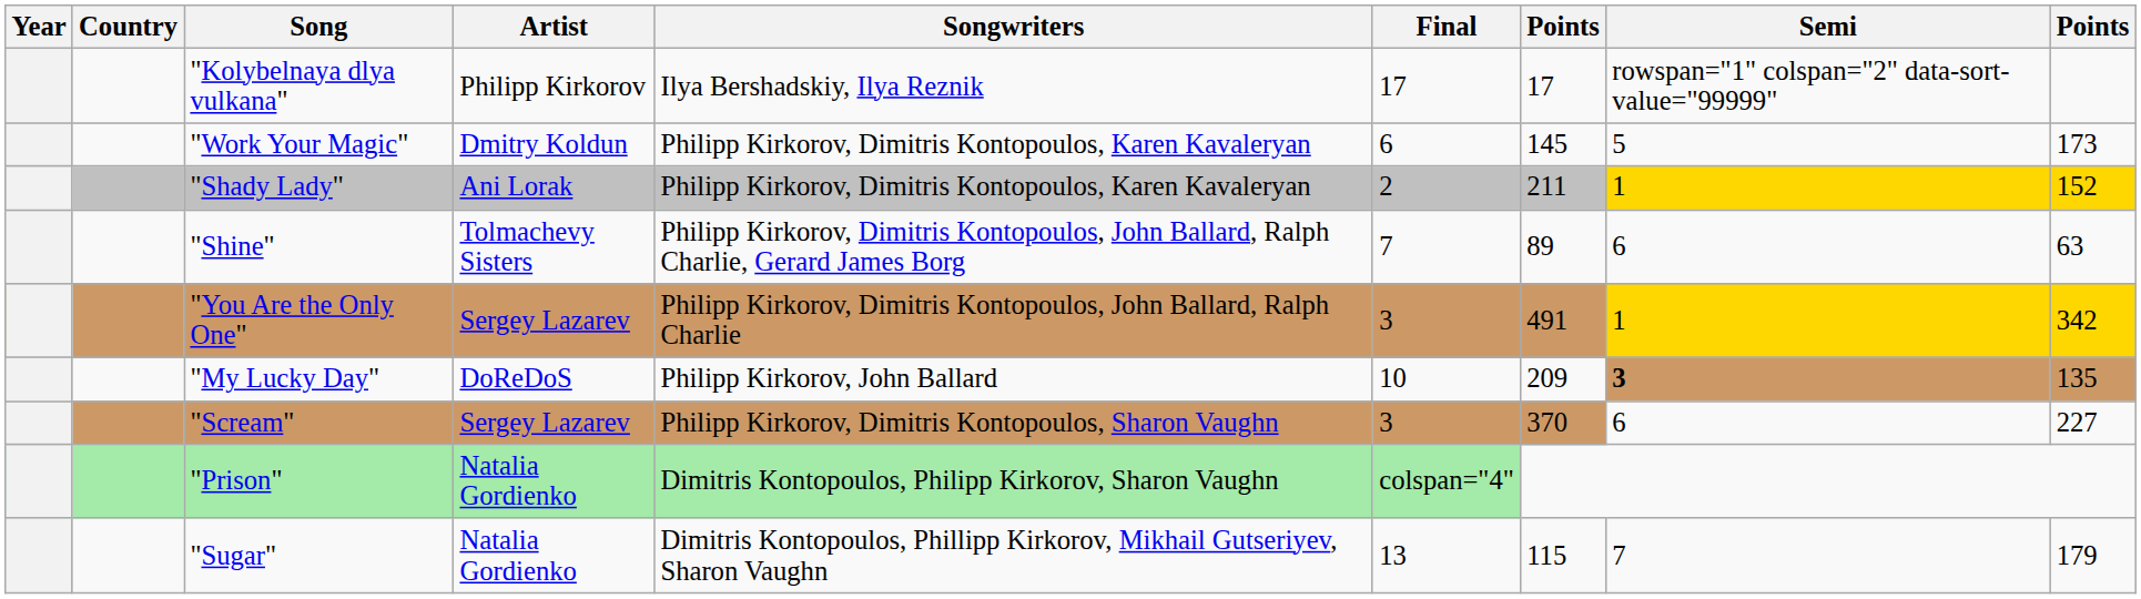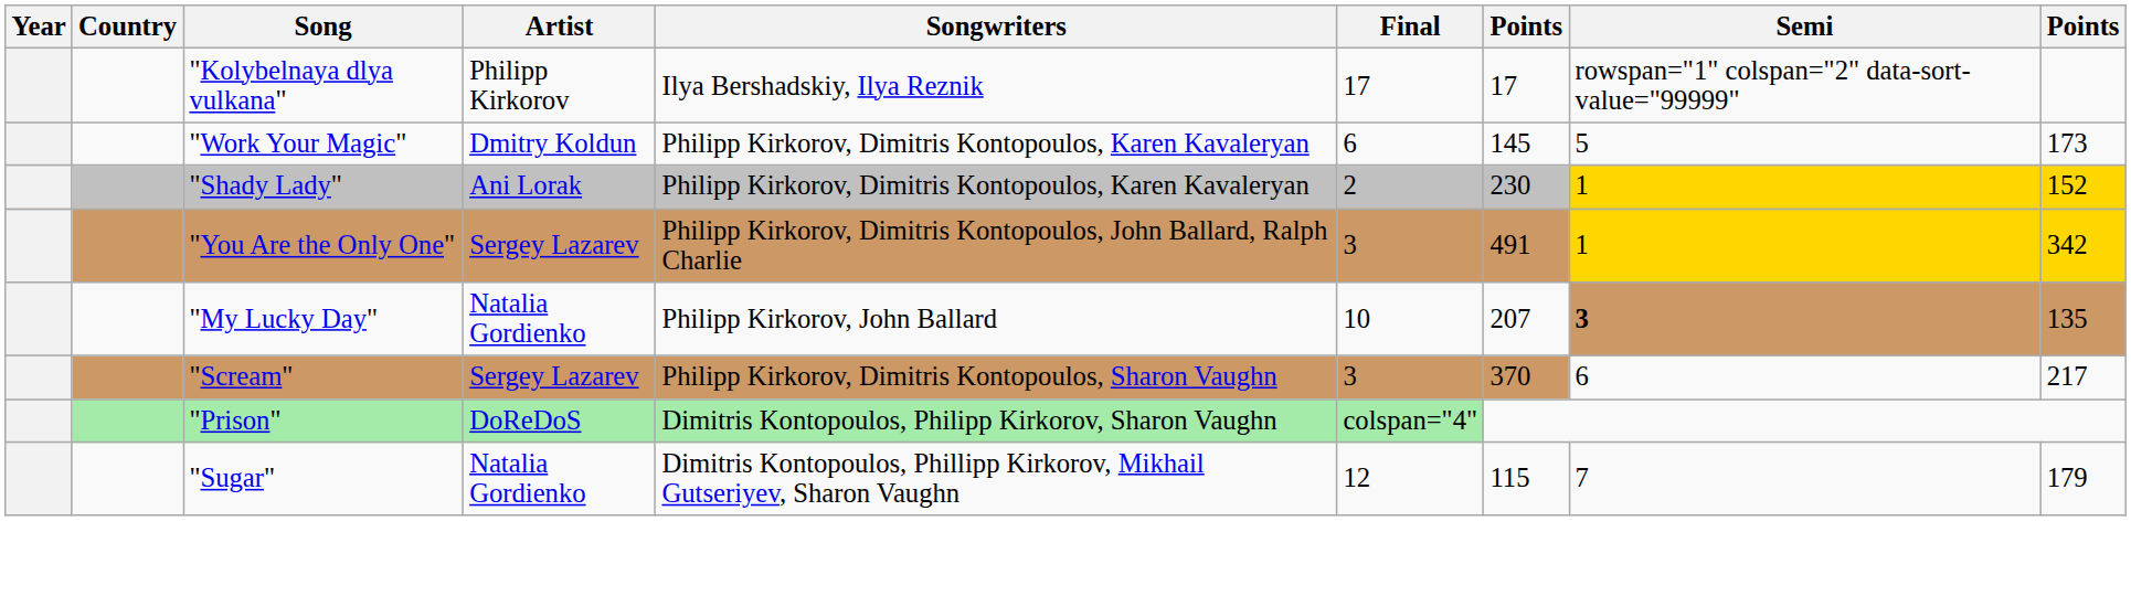 <table class="sortable wikitable">
 <tr>
 <th scope="col">Year</th>
 <th scope="col">Country</th>
 <th scope="col">Song</th>
 <th scope="col">Artist</th>
 <th scope="col">Songwriters</th>
 <th scope="col">Final</th>
 <th scope="col">Points</th>
 <th scope="col">Semi</th>
 <th scope="col">Points</th>
 </tr>
 <tr>
 <th scope="row"></th>
 <td></td>
 <td>"<a href='#'>Kolybelnaya dlya vulkana</a>"</td>
 <td>Philipp Kirkorov</td>
 <td>Ilya Bershadskiy, <a href='#'>Ilya Reznik</a></td>
 <td>17</td>
 <td>17</td>
 <td>rowspan="1" colspan="2" data-sort-value="99999" </td>
 </tr>
 <tr>
 <th scope="row"></th>
 <td></td>
 <td>"<a href='#'>Work Your Magic</a>"</td>
 <td><a href='#'>Dmitry Koldun</a></td>
 <td>Philipp Kirkorov, Dimitris Kontopoulos, <a href='#'>Karen Kavaleryan</a></td>
 <td>6</td>
 <td>145</td>
 <td>5</td>
 <td>173</td>
 </tr>
 <tr bgcolor="silver">
 <th scope="row"></th>
 <td></td>
 <td>"<a href='#'>Shady Lady</a>"</td>
 <td><a href='#'>Ani Lorak</a></td>
 <td>Philipp Kirkorov, Dimitris Kontopoulos, Karen Kavaleryan</td>
 <td>2</td>
-<td>211</td>
+<td>230</td>
 <td bgcolor="gold">1</td>
 <td bgcolor="gold">152</td>
-</tr>
-<tr>
-<th scope="row"></th>
-<td></td>
-<td>"<a href='#'>Shine</a>"</td>
-<td><a href='#'>Tolmachevy Sisters</a></td>
-<td>Philipp Kirkorov, <a href='#'>Dimitris Kontopoulos</a>, <a href='#'>John Ballard</a>, Ralph Charlie, <a href='#'>Gerard James Borg</a></td>
-<td>7</td>
-<td>89</td>
-<td>6</td>
-<td>63</td>
 </tr>
 <tr bgcolor="#c96">
 <th scope="row"></th>
 <td></td>
 <td>"<a href='#'>You Are the Only One</a>"</td>
 <td><a href='#'>Sergey Lazarev</a></td>
 <td>Philipp Kirkorov, Dimitris Kontopoulos, John Ballard, Ralph Charlie</td>
 <td bgcolor="#c96">3</td>
 <td bgcolor="#c96">491</td>
 <td bgcolor="gold">1</td>
 <td bgcolor="gold">342</td>
 </tr>
 <tr>
 <th scope="row"></th>
 <td></td>
 <td>"<a href='#'>My Lucky Day</a>"</td>
-<td><a href='#'>DoReDoS</a></td>
+<td><a href='#'>Natalia Gordienko</a></td>
 <td>Philipp Kirkorov, John Ballard</td>
 <td>10</td>
-<td>209</td>
+<td>207</td>
 <td bgcolor="#c96"><strong>3</strong></td>
 <td bgcolor="#c96">135</td>
 </tr>
 <tr>
 <th scope="row"></th>
 <td bgcolor="#c96"></td>
 <td bgcolor="#c96">"<a href='#'>Scream</a>"</td>
 <td bgcolor="#c96"><a href='#'>Sergey Lazarev</a></td>
 <td bgcolor="#c96">Philipp Kirkorov, Dimitris Kontopoulos, <a href='#'>Sharon Vaughn</a></td>
 <td bgcolor="#c96">3</td>
 <td bgcolor="#c96">370</td>
 <td>6</td>
-<td>227</td>
+<td>217</td>
 </tr>
 <tr bgcolor="#A4EAA9">
 <th scope="row"></th>
 <td></td>
 <td>"<a href='#'>Prison</a>"</td>
-<td><a href='#'>Natalia Gordienko</a></td>
+<td><a href='#'>DoReDoS</a></td>
 <td>Dimitris Kontopoulos, Philipp Kirkorov, Sharon Vaughn</td>
 <td>colspan="4" </td>
 </tr>
 <tr>
 <th scope="row"></th>
 <td></td>
 <td>"<a href='#'>Sugar</a>"</td>
 <td><a href='#'>Natalia Gordienko</a></td>
 <td>Dimitris Kontopoulos, Phillipp Kirkorov, <a href='#'>Mikhail Gutseriyev</a>, Sharon Vaughn</td>
-<td>13</td>
+<td>12</td>
 <td>115</td>
 <td>7</td>
 <td>179</td>
 </tr>
 </table>
